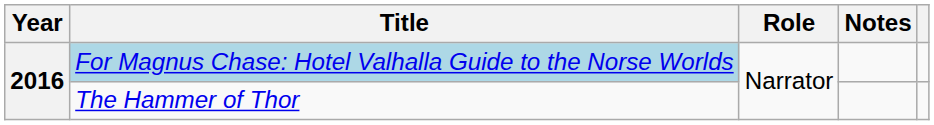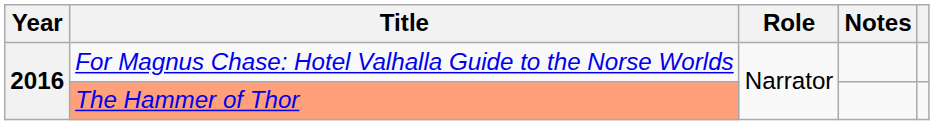 <table class="wikitable plainrowheaders sortable" style="margin-right: 0;">
 <tr>
 <th scope="col">Year</th>
 <th scope="col">Title</th>
 <th scope="col">Role</th>
 <th scope="col" class="unsortable">Notes</th>
 <th scope="col" class="unsortable"></th>
 </tr>
 <tr>
 <th rowspan="2" scope="row">2016</th>
-<td style="background: lightblue;"><em><a href='#'>For Magnus Chase: Hotel Valhalla Guide to the Norse Worlds</a></em></td>
+<td><em><a href='#'>For Magnus Chase: Hotel Valhalla Guide to the Norse Worlds</a></em></td>
 <td rowspan="2">Narrator</td>
 <td></td>
 <td align="center"></td>
 </tr>
 <tr>
-<td><em><a href='#'>The Hammer of Thor</a></em></td>
+<td style="background: lightsalmon;"><em><a href='#'>The Hammer of Thor</a></em></td>
 <td></td>
 <td align="center"><br></td>
 </tr>
 </table>
